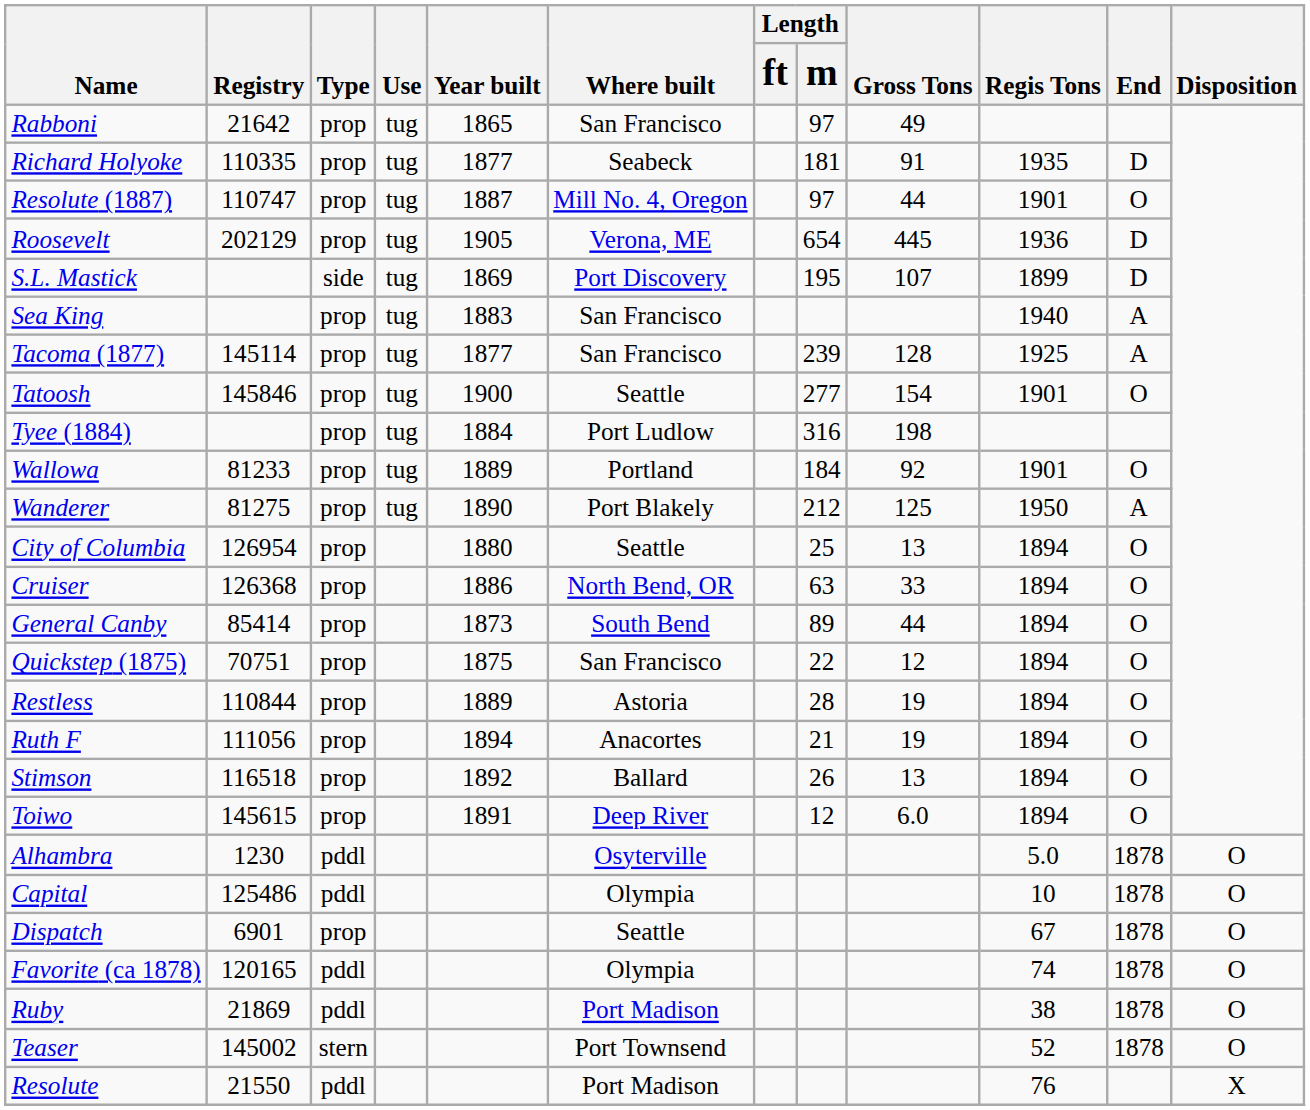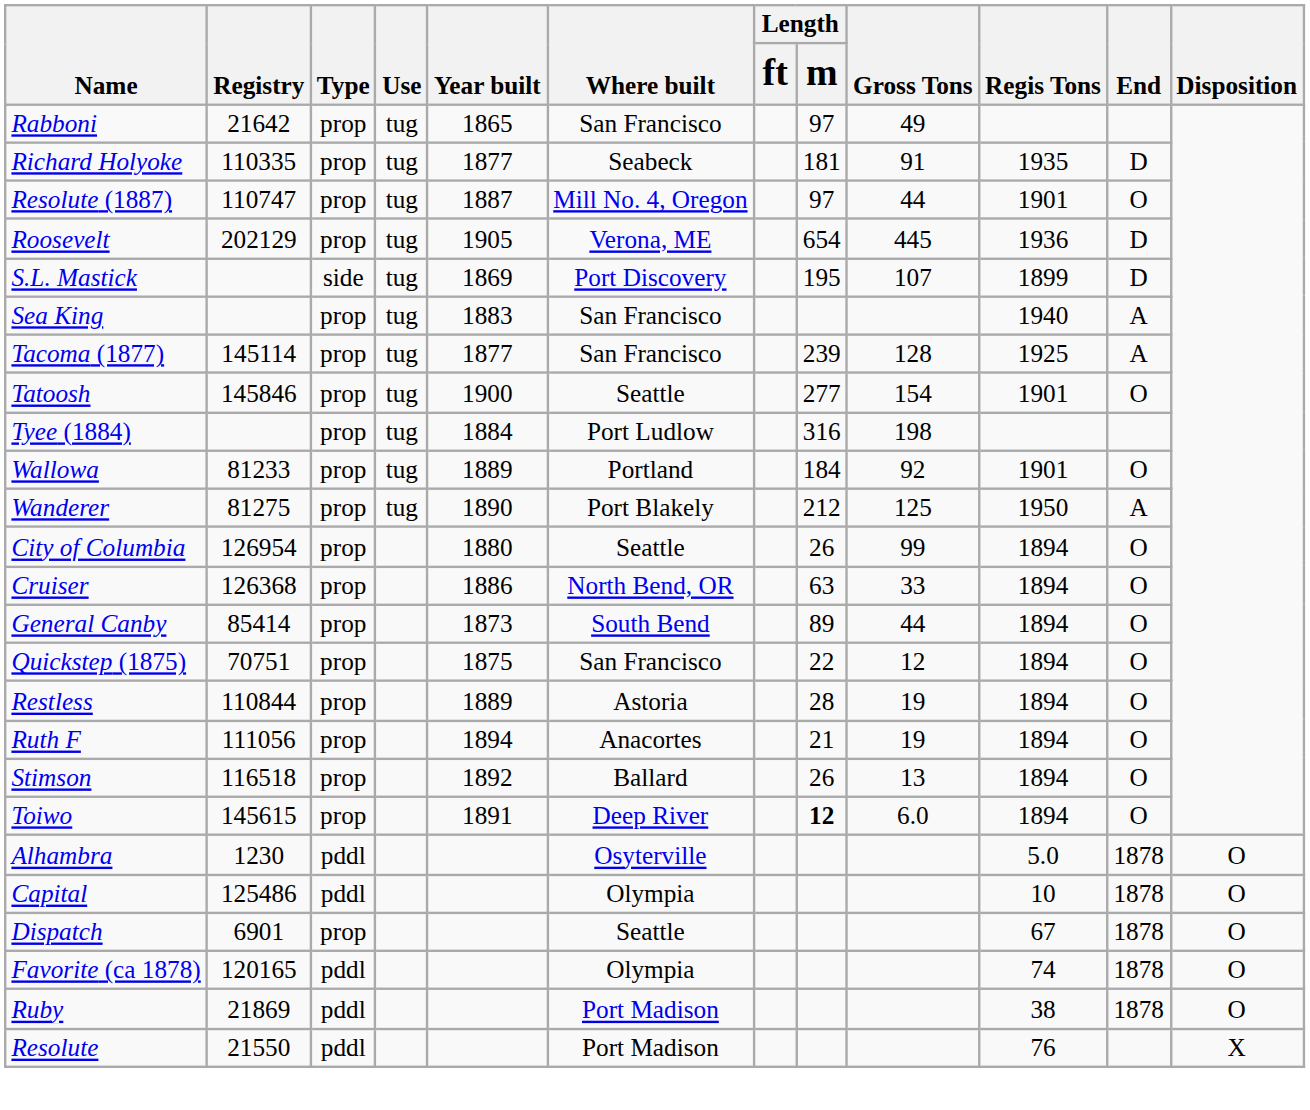 <table class="wikitable collapsible sortable">
 <tr valign=bottom style="font-size:8pt">
 <th rowspan=2>Name</th>
 <th rowspan=2>Registry</th>
 <th rowspan=2>Type</th>
 <th rowspan=2>Use</th>
 <th rowspan=2>Year built</th>
 <th rowspan=2>Where built</th>
 <th colspan=2>Length</th>
 <th rowspan=2>Gross Tons</th>
 <th rowspan=2>Regis Tons</th>
 <th rowspan=2>End</th>
 <th rowspan=2>Disposition</th>
 </tr>
 <tr>
 <th>ft</th>
 <th>m<br></th>
 </tr>
 <tr align=center valign=top style="font-size:8pt">
 <td align="left"><a href='#'><em>Rabboni</em></a></td>
 <td>21642</td>
 <td>prop</td>
 <td>tug</td>
 <td>1865</td>
 <td>San Francisco</td>
 <td></td>
 <td>97</td>
 <td>49</td>
 <td></td>
 <td><br></td>
 </tr>
 <tr align=center valign=top style="font-size:8pt">
 <td align="left"><a href='#'><em>Richard Holyoke</em></a></td>
 <td>110335</td>
 <td>prop</td>
 <td>tug</td>
 <td>1877</td>
 <td>Seabeck</td>
 <td></td>
 <td>181</td>
 <td>91</td>
 <td>1935</td>
 <td>D<br></td>
 </tr>
 <tr align=center valign=top style="font-size:8pt">
 <td align="left"><a href='#'><em>Resolute</em> (1887)</a></td>
 <td>110747</td>
 <td>prop</td>
 <td>tug</td>
 <td>1887</td>
 <td><a href='#'>Mill No. 4, Oregon</a></td>
 <td></td>
 <td>97</td>
 <td>44</td>
 <td>1901</td>
 <td>O<br></td>
 </tr>
 <tr align=center valign=top style="font-size:8pt">
 <td align="left"><a href='#'><em>Roosevelt</em></a></td>
 <td>202129</td>
 <td>prop</td>
 <td>tug</td>
 <td>1905</td>
 <td><a href='#'>Verona, ME</a></td>
 <td></td>
 <td>654</td>
 <td>445</td>
 <td>1936</td>
 <td>D<br></td>
 </tr>
 <tr align=center valign=top style="font-size:8pt">
 <td align="left"><em><a href='#'>S.L. Mastick</a></em></td>
 <td></td>
 <td>side</td>
 <td>tug</td>
 <td>1869</td>
 <td><a href='#'>Port Discovery</a></td>
 <td></td>
 <td>195</td>
 <td>107</td>
 <td>1899</td>
 <td>D<br></td>
 </tr>
 <tr align=center valign=top style="font-size:8pt">
 <td align="left"><a href='#'><em>Sea King</em></a></td>
 <td></td>
 <td>prop</td>
 <td>tug</td>
 <td>1883</td>
 <td>San Francisco</td>
 <td></td>
 <td></td>
 <td></td>
 <td>1940</td>
 <td>A<br></td>
 </tr>
 <tr align=center valign=top style="font-size:8pt">
 <td align="left"><a href='#'><em>Tacoma</em> (1877)</a></td>
 <td>145114</td>
 <td>prop</td>
 <td>tug</td>
 <td>1877</td>
 <td>San Francisco</td>
 <td></td>
 <td>239</td>
 <td>128</td>
 <td>1925</td>
 <td>A<br></td>
 </tr>
 <tr align=center valign=top style="font-size:8pt">
 <td align="left"><a href='#'><em>Tatoosh</em></a></td>
 <td>145846</td>
 <td>prop</td>
 <td>tug</td>
 <td>1900</td>
 <td>Seattle</td>
 <td></td>
 <td>277</td>
 <td>154</td>
 <td>1901</td>
 <td>O<br></td>
 </tr>
 <tr align=center valign=top style="font-size:8pt">
 <td align="left"><a href='#'><em>Tyee</em> (1884)</a></td>
 <td></td>
 <td>prop</td>
 <td>tug</td>
 <td>1884</td>
 <td>Port Ludlow</td>
 <td></td>
 <td>316</td>
 <td>198</td>
 <td></td>
 <td><br></td>
 </tr>
 <tr align=center valign=top style="font-size:8pt">
 <td align="left"><a href='#'><em>Wallowa</em></a></td>
 <td>81233</td>
 <td>prop</td>
 <td>tug</td>
 <td>1889</td>
 <td>Portland</td>
 <td></td>
 <td>184</td>
 <td>92</td>
 <td>1901</td>
 <td>O<br></td>
 </tr>
 <tr align=center valign=top style="font-size:8pt">
 <td align="left"><a href='#'><em>Wanderer</em></a></td>
 <td>81275</td>
 <td>prop</td>
 <td>tug</td>
 <td>1890</td>
 <td>Port Blakely</td>
 <td></td>
 <td>212</td>
 <td>125</td>
 <td>1950</td>
 <td>A<br> </td>
 </tr>
 <tr align=center valign=top style="font-size:8pt">
 <td align="left"><a href='#'><em>City of Columbia</em></a></td>
 <td>126954</td>
 <td>prop</td>
 <td></td>
 <td>1880</td>
 <td>Seattle</td>
 <td></td>
-<td>25</td>
-<td>13</td>
+<td>26</td>
+<td>99</td>
 <td>1894</td>
 <td>O<br></td>
 </tr>
 <tr align=center valign=top style="font-size:8pt">
 <td align="left"><a href='#'><em>Cruiser</em></a></td>
 <td>126368</td>
 <td>prop</td>
 <td></td>
 <td>1886</td>
 <td><a href='#'>North Bend, OR</a></td>
 <td></td>
 <td>63</td>
 <td>33</td>
 <td>1894</td>
 <td>O<br></td>
 </tr>
 <tr align=center valign=top style="font-size:8pt">
 <td align="left"><a href='#'><em>General Canby</em></a></td>
 <td>85414</td>
 <td>prop</td>
 <td></td>
 <td>1873</td>
 <td><a href='#'>South Bend</a></td>
 <td></td>
 <td>89</td>
 <td>44</td>
 <td>1894</td>
 <td>O<br></td>
 </tr>
 <tr align=center valign=top style="font-size:8pt">
 <td align="left"><a href='#'><em>Quickstep</em> (1875)</a></td>
 <td>70751</td>
 <td>prop</td>
 <td></td>
 <td>1875</td>
 <td>San Francisco</td>
 <td></td>
 <td>22</td>
 <td>12</td>
 <td>1894</td>
 <td>O<br></td>
 </tr>
 <tr align=center valign=top style="font-size:8pt">
 <td align="left"><a href='#'><em>Restless</em></a></td>
 <td>110844</td>
 <td>prop</td>
 <td></td>
 <td>1889</td>
 <td>Astoria</td>
 <td></td>
 <td>28</td>
 <td>19</td>
 <td>1894</td>
 <td>O<br></td>
 </tr>
 <tr align=center valign=top style="font-size:8pt">
 <td align="left"><em><a href='#'>Ruth F</a></em></td>
 <td>111056</td>
 <td>prop</td>
 <td></td>
 <td>1894</td>
 <td>Anacortes</td>
 <td></td>
 <td>21</td>
 <td>19</td>
 <td>1894</td>
 <td>O<br></td>
 </tr>
 <tr align=center valign=top style="font-size:8pt">
 <td align="left"><a href='#'><em>Stimson</em></a></td>
 <td>116518</td>
 <td>prop</td>
 <td></td>
 <td>1892</td>
 <td>Ballard</td>
 <td></td>
 <td>26</td>
 <td>13</td>
 <td>1894</td>
 <td>O<br></td>
 </tr>
 <tr align=center valign=top style="font-size:8pt">
 <td align="left"><em><a href='#'>Toiwo</a></em></td>
 <td>145615</td>
 <td>prop</td>
 <td></td>
 <td>1891</td>
 <td><a href='#'>Deep River</a></td>
 <td></td>
-<td>12</td>
+<td><strong>12</strong></td>
 <td>6.0</td>
 <td>1894</td>
 <td>O<br></td>
 </tr>
 <tr align=center valign=top style="font-size:8pt">
 <td align="left"><a href='#'><em>Alhambra</em></a></td>
 <td>1230</td>
 <td>pddl</td>
 <td></td>
 <td></td>
 <td><a href='#'>Osyterville</a></td>
 <td></td>
 <td></td>
 <td></td>
 <td>5.0</td>
 <td>1878</td>
 <td>O<br></td>
 </tr>
 <tr align=center valign=top style="font-size:8pt">
 <td align="left"><a href='#'><em>Capital</em></a></td>
 <td>125486</td>
 <td>pddl</td>
 <td></td>
 <td></td>
 <td>Olympia</td>
 <td></td>
 <td></td>
 <td></td>
 <td>10</td>
 <td>1878</td>
 <td>O<br></td>
 </tr>
 <tr align=center valign=top style="font-size:8pt">
 <td align="left"><a href='#'><em>Dispatch</em></a></td>
 <td>6901</td>
 <td>prop</td>
 <td></td>
 <td></td>
 <td>Seattle</td>
 <td></td>
 <td></td>
 <td></td>
 <td>67</td>
 <td>1878</td>
 <td>O<br></td>
 </tr>
 <tr align=center valign=top style="font-size:8pt">
 <td align="left"><a href='#'><em>Favorite</em> (ca 1878)</a></td>
 <td>120165</td>
 <td>pddl</td>
 <td></td>
 <td></td>
 <td>Olympia</td>
 <td></td>
 <td></td>
 <td></td>
 <td>74</td>
 <td>1878</td>
 <td>O<br></td>
 </tr>
 <tr align=center valign=top style="font-size:8pt">
 <td align="left"><a href='#'><em>Ruby</em></a></td>
 <td>21869</td>
 <td>pddl</td>
 <td></td>
 <td></td>
 <td><a href='#'>Port Madison</a></td>
 <td></td>
 <td></td>
 <td></td>
 <td>38</td>
 <td>1878</td>
 <td>O<br></td>
 </tr>
 <tr align=center valign=top style="font-size:8pt">
-<td align="left"><a href='#'><em>Teaser</em></a></td>
-<td>145002</td>
-<td>stern</td>
-<td></td>
-<td></td>
-<td>Port Townsend</td>
-<td></td>
-<td></td>
-<td></td>
-<td>52</td>
-<td>1878</td>
-<td>O<br></td>
-</tr>
-<tr align=center valign=top style="font-size:8pt">
 <td align="left"><a href='#'><em>Resolute</em></a></td>
 <td>21550</td>
 <td>pddl</td>
 <td></td>
 <td></td>
 <td>Port Madison</td>
 <td></td>
 <td></td>
 <td></td>
 <td>76</td>
 <td></td>
 <td>X</td>
 </tr>
 <tr>
 </tr>
 </table>
